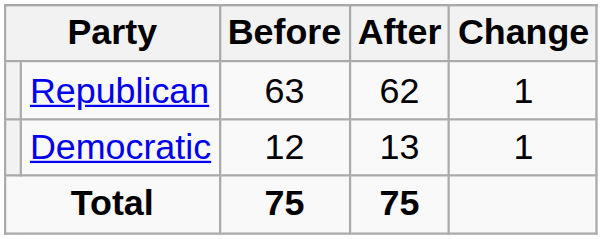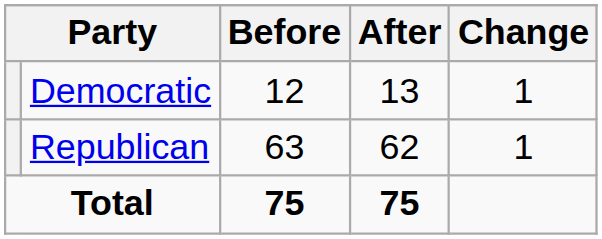 <table class="wikitable" style="text-align:center;">
 <tr>
 </tr>
 <tr>
 <th colspan=2>Party</th>
 <th>Before</th>
 <th>After</th>
 <th>Change</th>
 </tr>
 <tr>
 <th style="background-color:"></th>
-<td style="text-align:left;"><a href='#'>Republican</a></td>
-<td>63</td>
-<td>62</td>
+<td style="text-align:left;"><a href='#'>Democratic</a></td>
+<td>12</td>
+<td>13</td>
 <td> 1</td>
 </tr>
 <tr>
 <th style="background-color:"></th>
-<td style="text-align:left;"><a href='#'>Democratic</a></td>
-<td>12</td>
-<td>13</td>
+<td style="text-align:left;"><a href='#'>Republican</a></td>
+<td>63</td>
+<td>62</td>
 <td> 1</td>
 </tr>
 <tr>
 <td colspan=2><strong>Total</strong></td>
 <td><strong>75</strong></td>
 <td><strong>75</strong></td>
 <td></td>
 </tr>
 </table>
